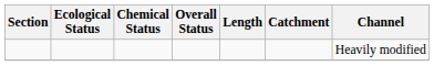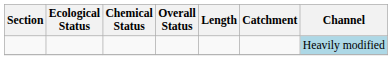 <table class="wikitable">
 <tr>
 <th>Section</th>
 <th>Ecological<br>Status</th>
 <th>Chemical<br>Status</th>
 <th>Overall<br>Status</th>
 <th>Length</th>
 <th>Catchment</th>
 <th>Channel</th>
 </tr>
 <tr>
 <td></td>
 <td></td>
 <td></td>
 <td></td>
 <td></td>
 <td></td>
-<td>Heavily modified</td>
+<td style="background: lightblue;">Heavily modified</td>
 </tr>
 <tr>
 </tr>
 </table>
